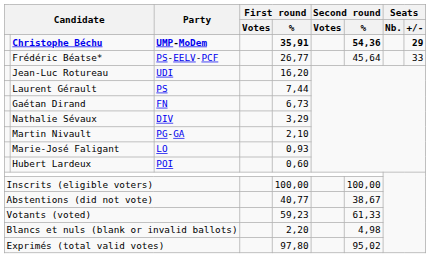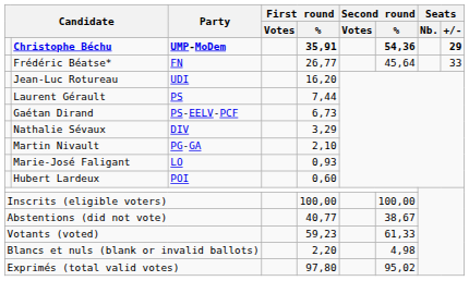 <table class="wikitable centre">
 <tr>
 <th scope="col" rowspan=2 colspan=2>Candidate</th>
 <th scope="col" rowspan=2 colspan=1>Party</th>
 <th scope="col" colspan=2>First round</th>
 <th scope="col" colspan=2>Second round</th>
 <th scope="col" colspan=2>Seats</th>
 </tr>
 <tr>
 <th scope="col">Votes</th>
 <th scope="col">%</th>
 <th scope="col">Votes</th>
 <th scope="col">%</th>
 <th scope="col">Nb.</th>
 <th scope="col">+/-</th>
 </tr>
 <tr>
 <td style="color:inherit;background:"></td>
 <td><strong><a href='#'>Christophe Béchu</a></strong></td>
 <td><strong><a href='#'>UMP</a>-<a href='#'>MoDem</a></strong></td>
 <td style="text-align: right"><strong></strong></td>
 <td style="text-align: right"><strong>35,91</strong></td>
 <td style="text-align: right"><strong></strong></td>
 <td style="text-align: right"><strong>54,36</strong></td>
 <td style="text-align: right"><strong></strong></td>
 <td style="text-align: right"><strong> 29</strong></td>
 </tr>
 <tr>
 <td style="color:inherit;background:"></td>
 <td>Frédéric Béatse*</td>
-<td><a href='#'>PS</a>-<a href='#'>EELV</a>-<a href='#'>PCF</a></td>
+<td><a href='#'>FN</a></td>
 <td style="text-align: right"></td>
 <td style="text-align: right">26,77</td>
 <td style="text-align: right"></td>
 <td style="text-align: right">45,64</td>
 <td style="text-align: right"></td>
 <td style="text-align: right"> 33</td>
 </tr>
 <tr>
 <td style="color:inherit;background:"></td>
 <td>Jean-Luc Rotureau</td>
 <td><a href='#'>UDI</a></td>
 <td style="text-align: right"></td>
 <td style="text-align: right">16,20</td>
 <td colspan=9 rowspan=7></td>
 </tr>
 <tr>
 <td style="color:inherit;background:"></td>
 <td>Laurent Gérault</td>
 <td><a href='#'>PS</a></td>
 <td style="text-align: right"></td>
 <td style="text-align: right">7,44</td>
 </tr>
 <tr>
 <td style="color:inherit;background:"></td>
 <td>Gaétan Dirand</td>
-<td><a href='#'>FN</a></td>
+<td><a href='#'>PS</a>-<a href='#'>EELV</a>-<a href='#'>PCF</a></td>
 <td style="text-align: right"></td>
 <td style="text-align: right">6,73</td>
 </tr>
 <tr>
 <td style="color:inherit;background:"></td>
 <td>Nathalie Sévaux</td>
 <td><a href='#'>DIV</a></td>
 <td style="text-align: right"></td>
 <td style="text-align: right">3,29</td>
 </tr>
 <tr>
 <td style="color:inherit;background:"></td>
 <td>Martin Nivault</td>
 <td><a href='#'>PG</a>-<a href='#'>GA</a></td>
 <td style="text-align: right"></td>
 <td style="text-align: right">2,10</td>
 </tr>
 <tr>
 <td style="color:inherit;background:"></td>
 <td>Marie-José Faligant</td>
 <td><a href='#'>LO</a></td>
 <td style="text-align: right"></td>
 <td style="text-align: right">0,93</td>
 </tr>
 <tr>
 <td style="color:inherit;background:"></td>
 <td>Hubert Lardeux</td>
 <td><a href='#'>POI</a></td>
 <td style="text-align: right"></td>
 <td style="text-align: right">0,60</td>
 </tr>
 <tr bgcolor=white>
 <td colspan=7></td>
 </tr>
 <tr>
 <td colspan=3>Inscrits (eligible voters)</td>
 <td style="text-align: right"></td>
 <td style="text-align: right">100,00</td>
 <td style="text-align: right"></td>
 <td style="text-align: right">100,00</td>
 </tr>
 <tr>
 <td colspan=3>Abstentions (did not vote)</td>
 <td style="text-align: right"></td>
 <td style="text-align: right">40,77</td>
 <td style="text-align: right"></td>
 <td style="text-align: right">38,67</td>
 </tr>
 <tr>
 <td colspan=3>Votants (voted)</td>
 <td style="text-align: right"></td>
 <td style="text-align: right">59,23</td>
 <td style="text-align: right"></td>
 <td style="text-align: right">61,33</td>
 </tr>
 <tr>
 <td colspan=3>Blancs et nuls (blank or invalid ballots)</td>
 <td style="text-align: right"></td>
 <td style="text-align: right">2,20</td>
 <td style="text-align: right"></td>
 <td style="text-align: right">4,98</td>
 </tr>
 <tr>
 <td colspan=3>Exprimés (total valid votes)</td>
 <td style="text-align: right"></td>
 <td style="text-align: right">97,80</td>
 <td style="text-align: right"></td>
 <td style="text-align: right">95,02</td>
 </tr>
 </table>
